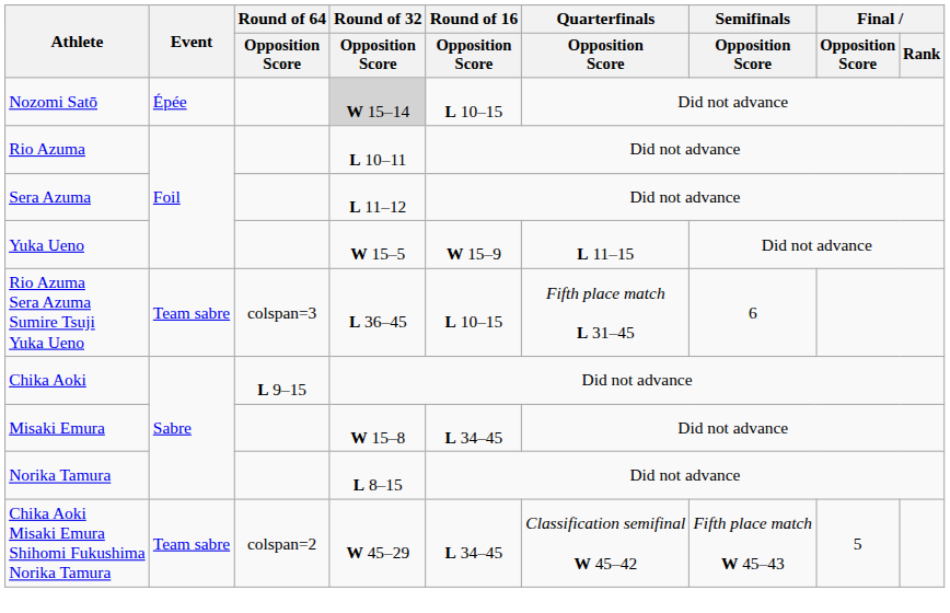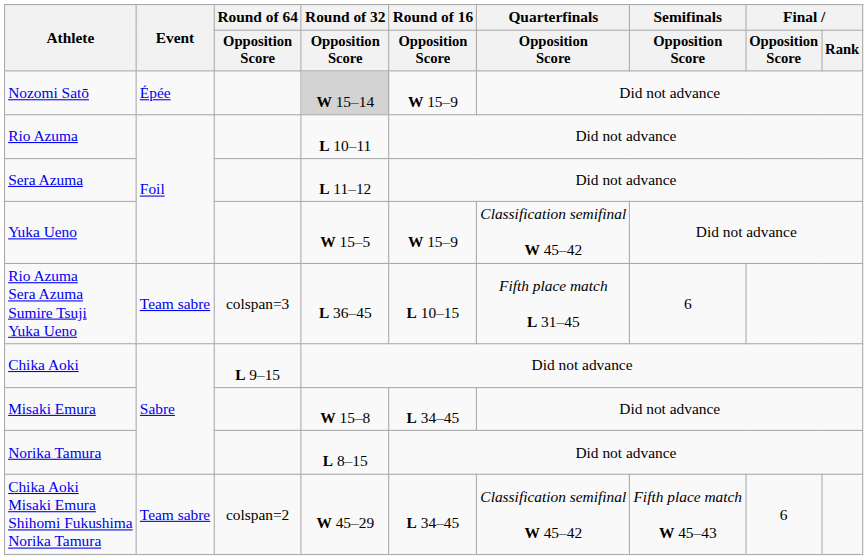 <table class="wikitable" style="font-size:90%">
 <tr>
 <th rowspan="2">Athlete</th>
 <th rowspan="2">Event</th>
 <th>Round of 64</th>
 <th>Round of 32</th>
 <th>Round of 16</th>
 <th>Quarterfinals</th>
 <th>Semifinals</th>
 <th colspan=2>Final / </th>
 </tr>
 <tr style="font-size:95%">
 <th>Opposition <br> Score</th>
 <th>Opposition <br> Score</th>
 <th>Opposition <br> Score</th>
 <th>Opposition <br> Score</th>
 <th>Opposition <br> Score</th>
 <th>Opposition <br> Score</th>
 <th>Rank</th>
 </tr>
 <tr align=center>
 <td align=left><a href='#'>Nozomi Satō</a></td>
 <td align=left><a href='#'>Épée</a></td>
 <td></td>
 <td style="background: lightgrey;"><br><strong>W</strong> 15–14</td>
-<td><br><strong>L</strong> 10–15</td>
+<td><br><strong>W</strong> 15–9</td>
 <td colspan=4>Did not advance</td>
 </tr>
 <tr align=center>
 <td align=left><a href='#'>Rio Azuma</a></td>
 <td align=left rowspan=3><a href='#'>Foil</a></td>
 <td></td>
 <td><br><strong>L</strong> 10–11</td>
 <td colspan=5>Did not advance</td>
 </tr>
 <tr align=center>
 <td align=left><a href='#'>Sera Azuma</a></td>
 <td></td>
 <td><br><strong>L</strong> 11–12</td>
 <td colspan=5>Did not advance</td>
 </tr>
 <tr align=center>
 <td align=left><a href='#'>Yuka Ueno</a></td>
 <td></td>
 <td><br><strong>W</strong> 15–5</td>
 <td><br><strong>W</strong> 15–9</td>
-<td><br><strong>L</strong> 11–15</td>
+<td><em>Classification semifinal</em><br><br><strong>W</strong> 45–42</td>
 <td colspan=3>Did not advance</td>
 </tr>
 <tr align=center>
 <td align=left><a href='#'>Rio Azuma</a><br><a href='#'>Sera Azuma</a><br><a href='#'>Sumire Tsuji</a><br><a href='#'>Yuka Ueno</a></td>
 <td align=left><a href='#'>Team sabre</a></td>
 <td>colspan=3 </td>
 <td><br><strong>L</strong> 36–45</td>
 <td><br><strong>L</strong> 10–15</td>
 <td><em>Fifth place match</em><br><br><strong>L</strong> 31–45</td>
 <td>6</td>
 </tr>
 <tr align=center>
 <td align=left><a href='#'>Chika Aoki</a></td>
 <td align=left rowspan=3><a href='#'>Sabre</a></td>
 <td><br><strong>L</strong> 9–15</td>
 <td colspan=6>Did not advance</td>
 </tr>
 <tr align=center>
 <td align=left><a href='#'>Misaki Emura</a></td>
 <td></td>
 <td><br><strong>W</strong> 15–8</td>
 <td><br><strong>L</strong> 34–45</td>
 <td colspan=4>Did not advance</td>
 </tr>
 <tr align=center>
 <td align=left><a href='#'>Norika Tamura</a></td>
 <td></td>
 <td><br><strong>L</strong> 8–15</td>
 <td colspan=5>Did not advance</td>
 </tr>
 <tr align=center>
 <td align=left><a href='#'>Chika Aoki</a><br><a href='#'>Misaki Emura</a><br><a href='#'>Shihomi Fukushima</a><br><a href='#'>Norika Tamura</a></td>
 <td align=left><a href='#'>Team sabre</a></td>
 <td>colspan=2 </td>
 <td><br><strong>W</strong> 45–29</td>
 <td><br><strong>L</strong> 34–45</td>
 <td><em>Classification semifinal</em><br><br><strong>W</strong> 45–42</td>
 <td><em>Fifth place match</em><br><br><strong>W</strong> 45–43</td>
-<td>5</td>
+<td>6</td>
 </tr>
 </table>
